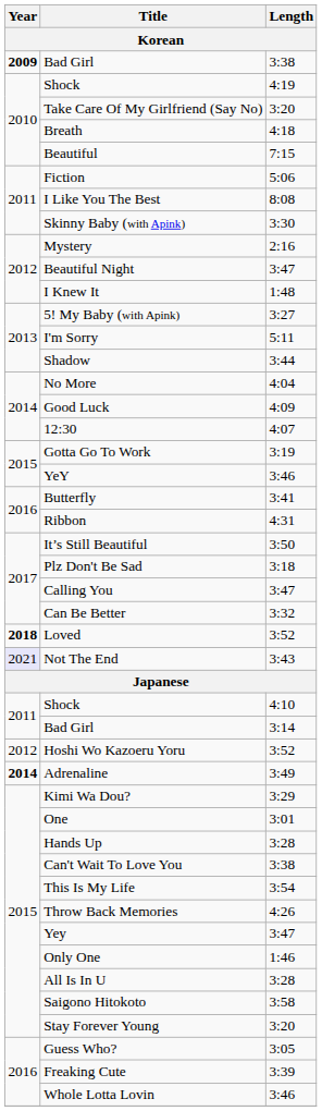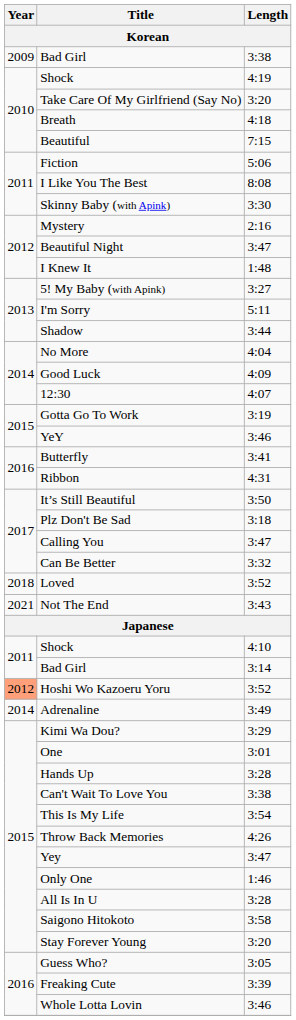 <table class="wikitable">
 <tr>
 <th>Year</th>
 <th>Title</th>
 <th>Length</th>
 </tr>
 <tr>
 <th colspan="3">Korean</th>
 </tr>
 <tr>
-<td><strong>2009</strong></td>
+<td>2009</td>
 <td>Bad Girl</td>
 <td>3:38</td>
 </tr>
 <tr>
 <td rowspan="4">2010</td>
 <td>Shock</td>
 <td>4:19</td>
 </tr>
 <tr>
 <td>Take Care Of My Girlfriend (Say No)</td>
 <td>3:20</td>
 </tr>
 <tr>
 <td>Breath</td>
 <td>4:18</td>
 </tr>
 <tr>
 <td>Beautiful</td>
 <td>7:15</td>
 </tr>
 <tr>
 <td rowspan="3">2011</td>
 <td>Fiction</td>
 <td>5:06</td>
 </tr>
 <tr>
 <td>I Like You The Best</td>
 <td>8:08</td>
 </tr>
 <tr>
 <td>Skinny Baby (<small>with <a href='#'>Apink</a>)</small></td>
 <td>3:30</td>
 </tr>
 <tr>
 <td rowspan="3">2012</td>
 <td>Mystery</td>
 <td>2:16</td>
 </tr>
 <tr>
 <td>Beautiful Night</td>
 <td>3:47</td>
 </tr>
 <tr>
 <td>I Knew It</td>
 <td>1:48</td>
 </tr>
 <tr>
 <td rowspan="3">2013</td>
 <td>5! My Baby (<small>with Apink)</small></td>
 <td>3:27</td>
 </tr>
 <tr>
 <td>I'm Sorry</td>
 <td>5:11</td>
 </tr>
 <tr>
 <td>Shadow</td>
 <td>3:44</td>
 </tr>
 <tr>
 <td rowspan="3">2014</td>
 <td>No More</td>
 <td>4:04</td>
 </tr>
 <tr>
 <td>Good Luck</td>
 <td>4:09</td>
 </tr>
 <tr>
 <td>12:30</td>
 <td>4:07</td>
 </tr>
 <tr>
 <td rowspan="2">2015</td>
 <td>Gotta Go To Work</td>
 <td>3:19</td>
 </tr>
 <tr>
 <td>YeY</td>
 <td>3:46</td>
 </tr>
 <tr>
 <td rowspan="2">2016</td>
 <td>Butterfly</td>
 <td>3:41</td>
 </tr>
 <tr>
 <td>Ribbon</td>
 <td>4:31</td>
 </tr>
 <tr>
 <td rowspan="4">2017</td>
 <td>It’s Still Beautiful</td>
 <td>3:50</td>
 </tr>
 <tr>
 <td>Plz Don't Be Sad</td>
 <td>3:18</td>
 </tr>
 <tr>
 <td>Calling You</td>
 <td>3:47</td>
 </tr>
 <tr>
 <td>Can Be Better</td>
 <td>3:32</td>
 </tr>
 <tr>
-<td rowspan="1"><strong>2018</strong></td>
+<td rowspan="1">2018</td>
 <td>Loved</td>
 <td>3:52</td>
 </tr>
 <tr>
-<td style="background: lavender;">2021</td>
+<td>2021</td>
 <td>Not The End</td>
 <td>3:43</td>
 </tr>
 <tr>
 <th colspan="3">Japanese</th>
 </tr>
 <tr>
 <td rowspan="2">2011</td>
 <td>Shock</td>
 <td>4:10</td>
 </tr>
 <tr>
 <td>Bad Girl</td>
 <td>3:14</td>
 </tr>
 <tr>
-<td>2012</td>
+<td style="background: lightsalmon;">2012</td>
 <td>Hoshi Wo Kazoeru Yoru</td>
 <td>3:52</td>
 </tr>
 <tr>
-<td><strong>2014</strong></td>
+<td>2014</td>
 <td>Adrenaline</td>
 <td>3:49</td>
 </tr>
 <tr>
 <td rowspan="11">2015</td>
 <td>Kimi Wa Dou?</td>
 <td>3:29</td>
 </tr>
 <tr>
 <td>One</td>
 <td>3:01</td>
 </tr>
 <tr>
 <td>Hands Up</td>
 <td>3:28</td>
 </tr>
 <tr>
 <td>Can't Wait To Love You</td>
 <td>3:38</td>
 </tr>
 <tr>
 <td>This Is My Life</td>
 <td>3:54</td>
 </tr>
 <tr>
 <td>Throw Back Memories</td>
 <td>4:26</td>
 </tr>
 <tr>
 <td>Yey</td>
 <td>3:47</td>
 </tr>
 <tr>
 <td>Only One</td>
 <td>1:46</td>
 </tr>
 <tr>
 <td>All Is In U</td>
 <td>3:28</td>
 </tr>
 <tr>
 <td>Saigono Hitokoto</td>
 <td>3:58</td>
 </tr>
 <tr>
 <td>Stay Forever Young</td>
 <td>3:20</td>
 </tr>
 <tr>
 <td rowspan="3">2016</td>
 <td>Guess Who?</td>
 <td>3:05</td>
 </tr>
 <tr>
 <td>Freaking Cute</td>
 <td>3:39</td>
 </tr>
 <tr>
 <td>Whole Lotta Lovin</td>
 <td>3:46</td>
 </tr>
 <tr>
 </tr>
 </table>
